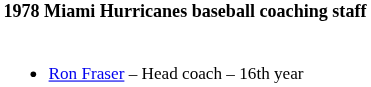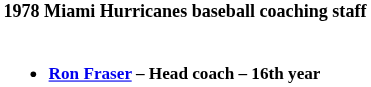 <table class="toccolours">
 <tr>
 <th colspan=9>1978 Miami Hurricanes baseball coaching staff</th>
 </tr>
 <tr>
-<td style="text-align: left; font-size: 95%;" valign="top"><br><ul><li><a href='#'>Ron Fraser</a> – Head coach – 16th year</li></ul></td>
+<td style="text-align: left; font-size: 95%;" valign="top"><strong><br><ul><li><a href='#'>Ron Fraser</a> – Head coach – 16th year</li></ul></strong></td>
 </tr>
 </table>
